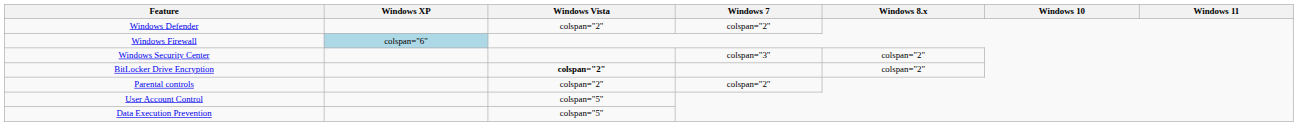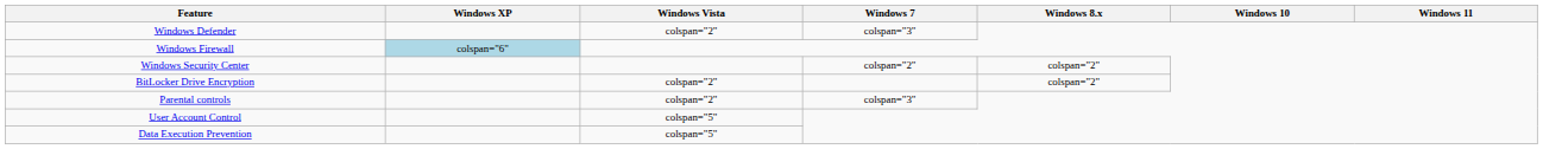 <table class="wikitable sortable" style="font-size: 85%; text-align: center; width: 100%;">
 <tr>
 <th>Feature</th>
 <th>Windows XP</th>
 <th>Windows Vista</th>
 <th>Windows 7</th>
 <th>Windows 8.x</th>
 <th>Windows 10</th>
 <th>Windows 11</th>
 </tr>
 <tr>
 <td><a href='#'>Windows Defender</a></td>
 <td></td>
 <td>colspan="2" </td>
-<td>colspan="2" </td>
+<td>colspan="3" </td>
 </tr>
 <tr>
 <td><a href='#'>Windows Firewall</a></td>
 <td style="background: lightblue;">colspan="6" </td>
 </tr>
 <tr>
 <td><a href='#'>Windows Security Center</a></td>
 <td></td>
 <td></td>
-<td>colspan="3" </td>
+<td>colspan="2" </td>
 <td>colspan="2" </td>
 </tr>
 <tr>
 <td><a href='#'>BitLocker Drive Encryption</a></td>
 <td></td>
-<td><strong>colspan="2" </strong></td>
+<td>colspan="2" </td>
 <td></td>
 <td>colspan="2" </td>
 </tr>
 <tr>
 <td><a href='#'>Parental controls</a></td>
 <td></td>
 <td>colspan="2" </td>
-<td>colspan="2" </td>
+<td>colspan="3" </td>
 </tr>
 <tr>
 <td><a href='#'>User Account Control</a></td>
 <td></td>
 <td>colspan="5" </td>
 </tr>
 <tr>
 <td><a href='#'>Data Execution Prevention</a></td>
 <td></td>
 <td>colspan="5" </td>
 </tr>
 </table>
